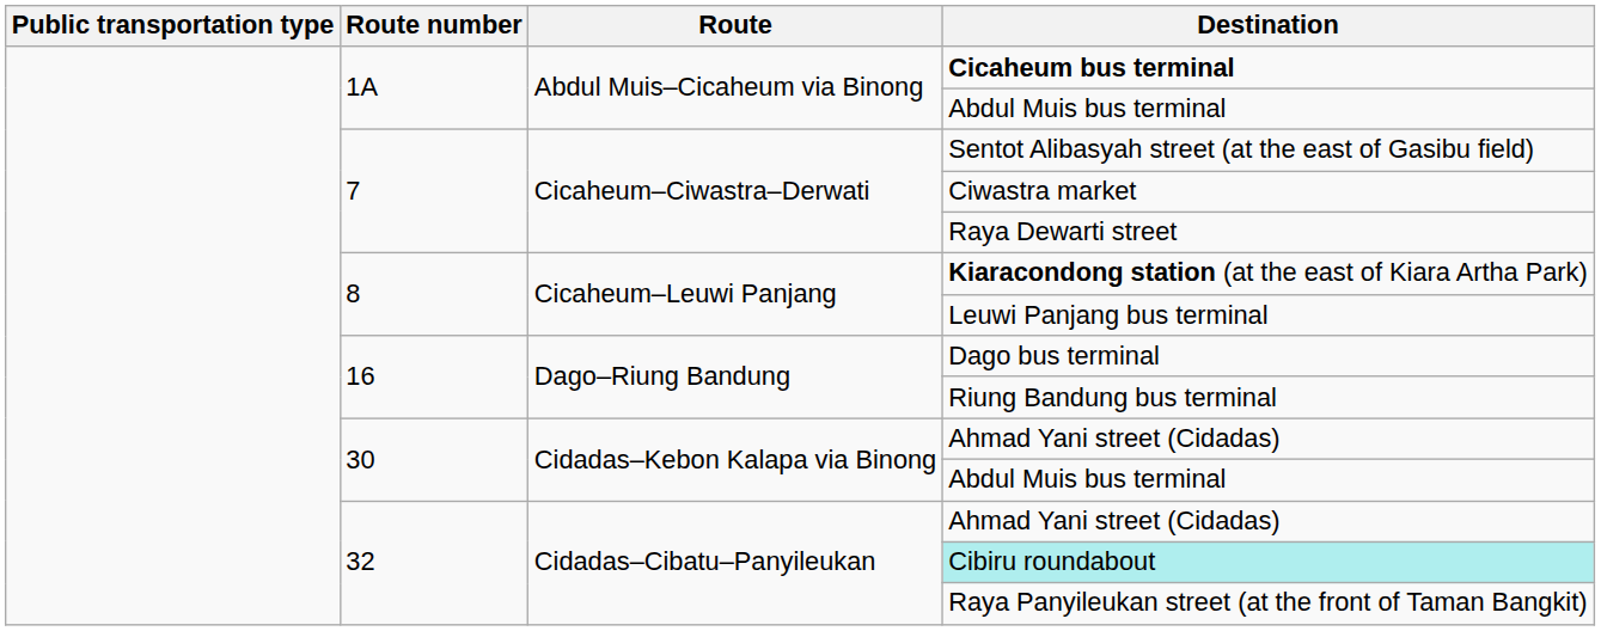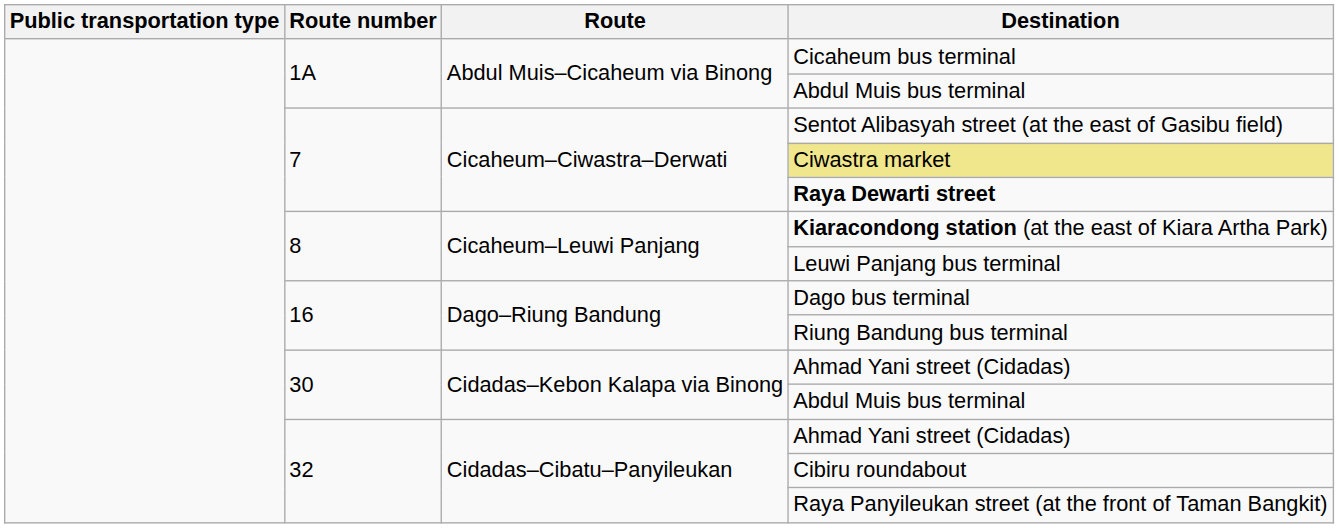 <table class="wikitable">
 <tr>
 <th>Public transportation type</th>
 <th>Route number</th>
 <th>Route</th>
 <th>Destination</th>
 </tr>
 <tr>
 <td rowspan="14"></td>
 <td rowspan="2">1A</td>
 <td rowspan="2">Abdul Muis–Cicaheum via Binong</td>
-<td><strong>Cicaheum bus terminal</strong></td>
+<td>Cicaheum bus terminal</td>
 </tr>
 <tr>
 <td>Abdul Muis bus terminal</td>
 </tr>
 <tr>
 <td rowspan="3">7</td>
 <td rowspan="3">Cicaheum–Ciwastra–Derwati</td>
 <td>Sentot Alibasyah street (at the east of Gasibu field)</td>
 </tr>
 <tr>
-<td>Ciwastra market</td>
+<td style="background: khaki;">Ciwastra market</td>
 </tr>
 <tr>
-<td>Raya Dewarti street</td>
+<td><strong>Raya Dewarti street</strong></td>
 </tr>
 <tr>
 <td rowspan="2">8</td>
 <td rowspan="2">Cicaheum–Leuwi Panjang</td>
 <td><strong>Kiaracondong station</strong> (at the east of Kiara Artha Park)</td>
 </tr>
 <tr>
 <td>Leuwi Panjang bus terminal</td>
 </tr>
 <tr>
 <td rowspan="2">16</td>
 <td rowspan="2">Dago–Riung Bandung</td>
 <td>Dago bus terminal</td>
 </tr>
 <tr>
 <td>Riung Bandung bus terminal</td>
 </tr>
 <tr>
 <td rowspan="2">30</td>
 <td rowspan="2">Cidadas–Kebon Kalapa via Binong</td>
 <td>Ahmad Yani street (Cidadas)</td>
 </tr>
 <tr>
 <td>Abdul Muis bus terminal</td>
 </tr>
 <tr>
 <td rowspan="3">32</td>
 <td rowspan="3">Cidadas–Cibatu–Panyileukan</td>
 <td>Ahmad Yani street (Cidadas)</td>
 </tr>
 <tr>
-<td style="background: paleturquoise;">Cibiru roundabout</td>
+<td>Cibiru roundabout</td>
 </tr>
 <tr>
 <td>Raya Panyileukan street (at the front of Taman Bangkit)</td>
 </tr>
 </table>
